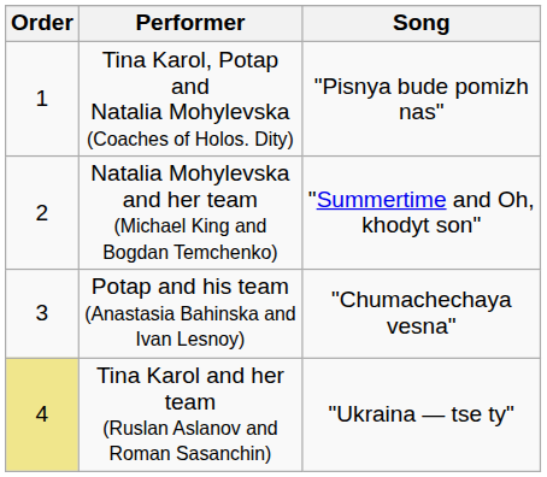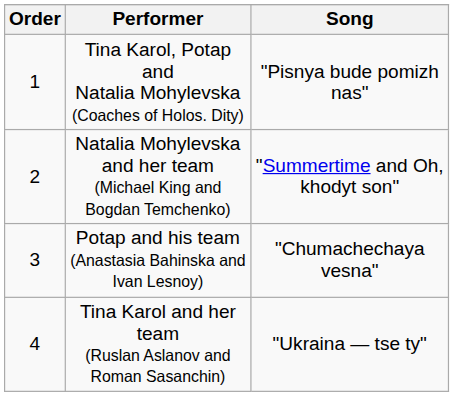 <table class="wikitable" style="text-align:center; width:60%;">
 <tr>
 </tr>
 <tr>
 <th style="width:01%;">Order</th>
 <th style="width:50%;">Performer</th>
 <th style="width:55%;">Song</th>
 </tr>
 <tr>
 <td>1</td>
 <td>Tina Karol, Potap and <br>Natalia Mohylevska <br><small>(Coaches of Holos. Dity)</small></td>
 <td>"Pisnya bude pomizh nas"</td>
 </tr>
 <tr>
 <td>2</td>
 <td>Natalia Mohylevska and her team <br><small>(Michael King and Bogdan Temchenko)</small></td>
 <td>"<a href='#'>Summertime</a> and Oh, khodyt son"</td>
 </tr>
 <tr>
 <td>3</td>
 <td>Potap and his team <br><small>(Anastasia Bahinska and Ivan Lesnoy)</small></td>
 <td>"Chumachechaya vesna"</td>
 </tr>
 <tr>
-<td style="background: khaki;">4</td>
+<td>4</td>
 <td>Tina Karol and her team <br><small>(Ruslan Aslanov and Roman Sasanchin)</small></td>
 <td>"Ukraina — tse ty"</td>
 </tr>
 </table>
